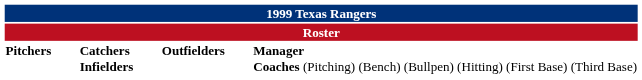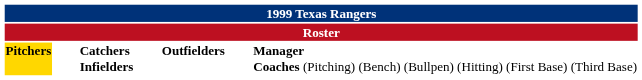 <table class="toccolours" style="font-size: 95%;">
 <tr>
 <th colspan="10" style="background-color: #003279; color: #FFFFFF; text-align: center;">1999 Texas Rangers</th>
 </tr>
 <tr>
 <td colspan="10" style="background-color: #bd1021; color: white; text-align: center;"><strong>Roster</strong></td>
 </tr>
 <tr>
-<td valign="top"><strong>Pitchers</strong><br>                   </td>
+<td valign="top" style="background: gold;"><strong>Pitchers</strong><br>                   </td>
 <td width="25px"></td>
 <td valign="top"><strong>Catchers</strong><br>  <strong>Infielders</strong>          </td>
 <td width="25px"></td>
 <td valign="top"><strong>Outfielders</strong><br>     </td>
 <td width="25px"></td>
 <td valign="top"><strong>Manager</strong><br> <strong>Coaches</strong>  (Pitching)  (Bench)  (Bullpen)  (Hitting)  (First Base)  (Third Base)</td>
 </tr>
 </table>
